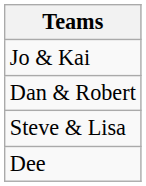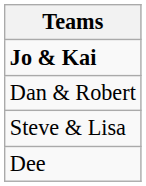 <table class="wikitable">
 <tr>
 <th>Teams</th>
 </tr>
 <tr>
-<td>Jo & Kai</td>
+<td><strong>Jo & Kai</strong></td>
 </tr>
 <tr>
 <td>Dan & Robert</td>
 </tr>
 <tr>
 <td>Steve & Lisa</td>
 </tr>
 <tr>
 <td>Dee</td>
 </tr>
 </table>
